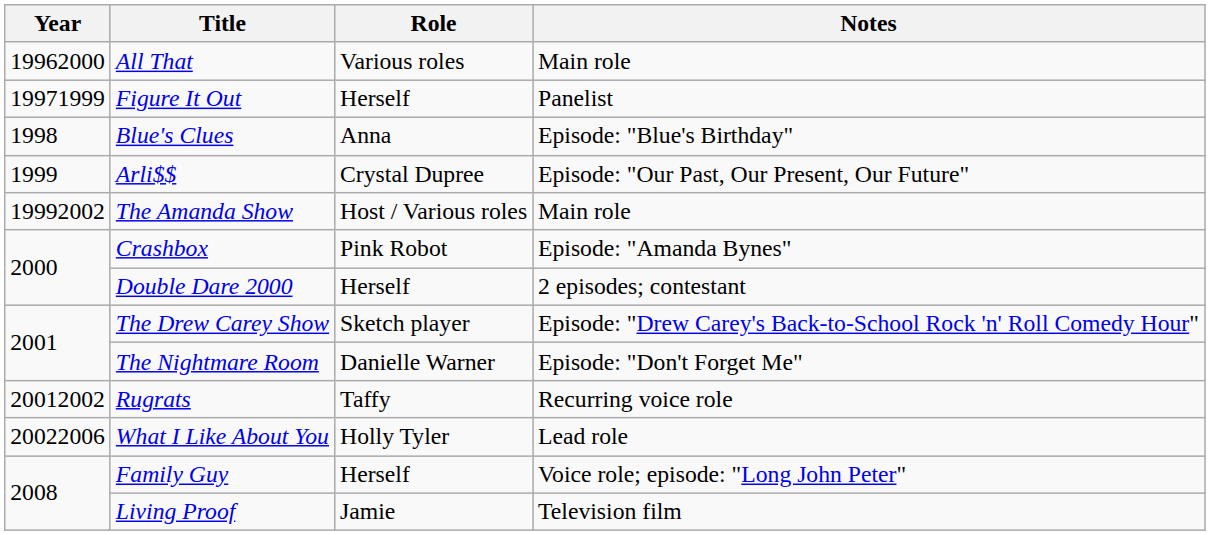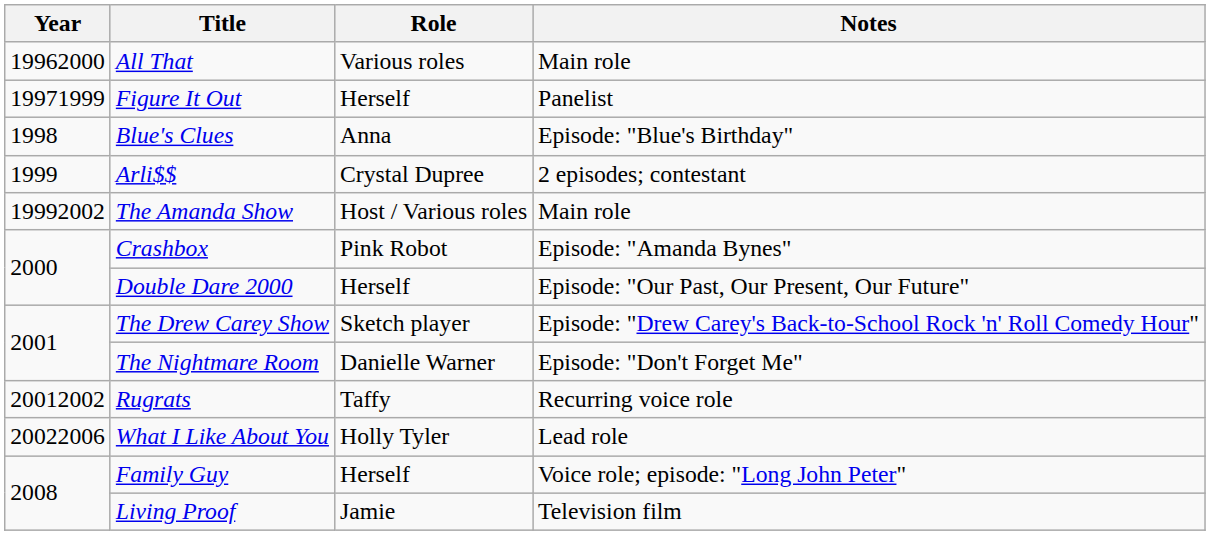 <table class="wikitable sortable">
 <tr>
 <th scope="col">Year</th>
 <th scope="col">Title</th>
 <th scope="col">Role</th>
 <th scope="col" class="unsortable">Notes</th>
 </tr>
 <tr>
 <td>19962000</td>
 <td><em><a href='#'>All That</a></em></td>
 <td>Various roles</td>
 <td>Main role</td>
 </tr>
 <tr>
 <td>19971999</td>
 <td><em><a href='#'>Figure It Out</a></em></td>
 <td>Herself</td>
 <td>Panelist</td>
 </tr>
 <tr>
 <td>1998</td>
 <td><em><a href='#'>Blue's Clues</a></em></td>
 <td>Anna</td>
 <td>Episode: "Blue's Birthday"</td>
 </tr>
 <tr>
 <td>1999</td>
 <td><em><a href='#'>Arli$$</a></em></td>
 <td>Crystal Dupree</td>
-<td>Episode: "Our Past, Our Present, Our Future"</td>
+<td>2 episodes; contestant</td>
 </tr>
 <tr>
 <td>19992002</td>
 <td data-sort-value="Amanda Show, The"><em><a href='#'>The Amanda Show</a></em></td>
 <td>Host / Various roles</td>
 <td>Main role</td>
 </tr>
 <tr>
 <td rowspan="2">2000</td>
 <td><em><a href='#'>Crashbox</a></em></td>
 <td>Pink Robot</td>
 <td>Episode: "Amanda Bynes"</td>
 </tr>
 <tr>
 <td><em><a href='#'>Double Dare 2000</a></em></td>
 <td>Herself</td>
-<td>2 episodes; contestant</td>
+<td>Episode: "Our Past, Our Present, Our Future"</td>
 </tr>
 <tr>
 <td rowspan="2">2001</td>
 <td data-sort-value="Drew Carey Show, The"><em><a href='#'>The Drew Carey Show</a></em></td>
 <td>Sketch player</td>
 <td>Episode: "<a href='#'>Drew Carey's Back-to-School Rock 'n' Roll Comedy Hour</a>"</td>
 </tr>
 <tr>
 <td data-sort-value="Nightmare Room, The"><em><a href='#'>The Nightmare Room</a></em></td>
 <td>Danielle Warner</td>
 <td>Episode: "Don't Forget Me"</td>
 </tr>
 <tr>
 <td>20012002</td>
 <td><em><a href='#'>Rugrats</a></em></td>
 <td>Taffy</td>
 <td>Recurring voice role</td>
 </tr>
 <tr>
 <td>20022006</td>
 <td><em><a href='#'>What I Like About You</a></em></td>
 <td>Holly Tyler</td>
 <td>Lead role</td>
 </tr>
 <tr>
 <td rowspan="2">2008</td>
 <td><em><a href='#'>Family Guy</a></em></td>
 <td>Herself</td>
 <td>Voice role; episode: "<a href='#'>Long John Peter</a>"</td>
 </tr>
 <tr>
 <td><em><a href='#'>Living Proof</a></em></td>
 <td>Jamie</td>
 <td>Television film</td>
 </tr>
 </table>
